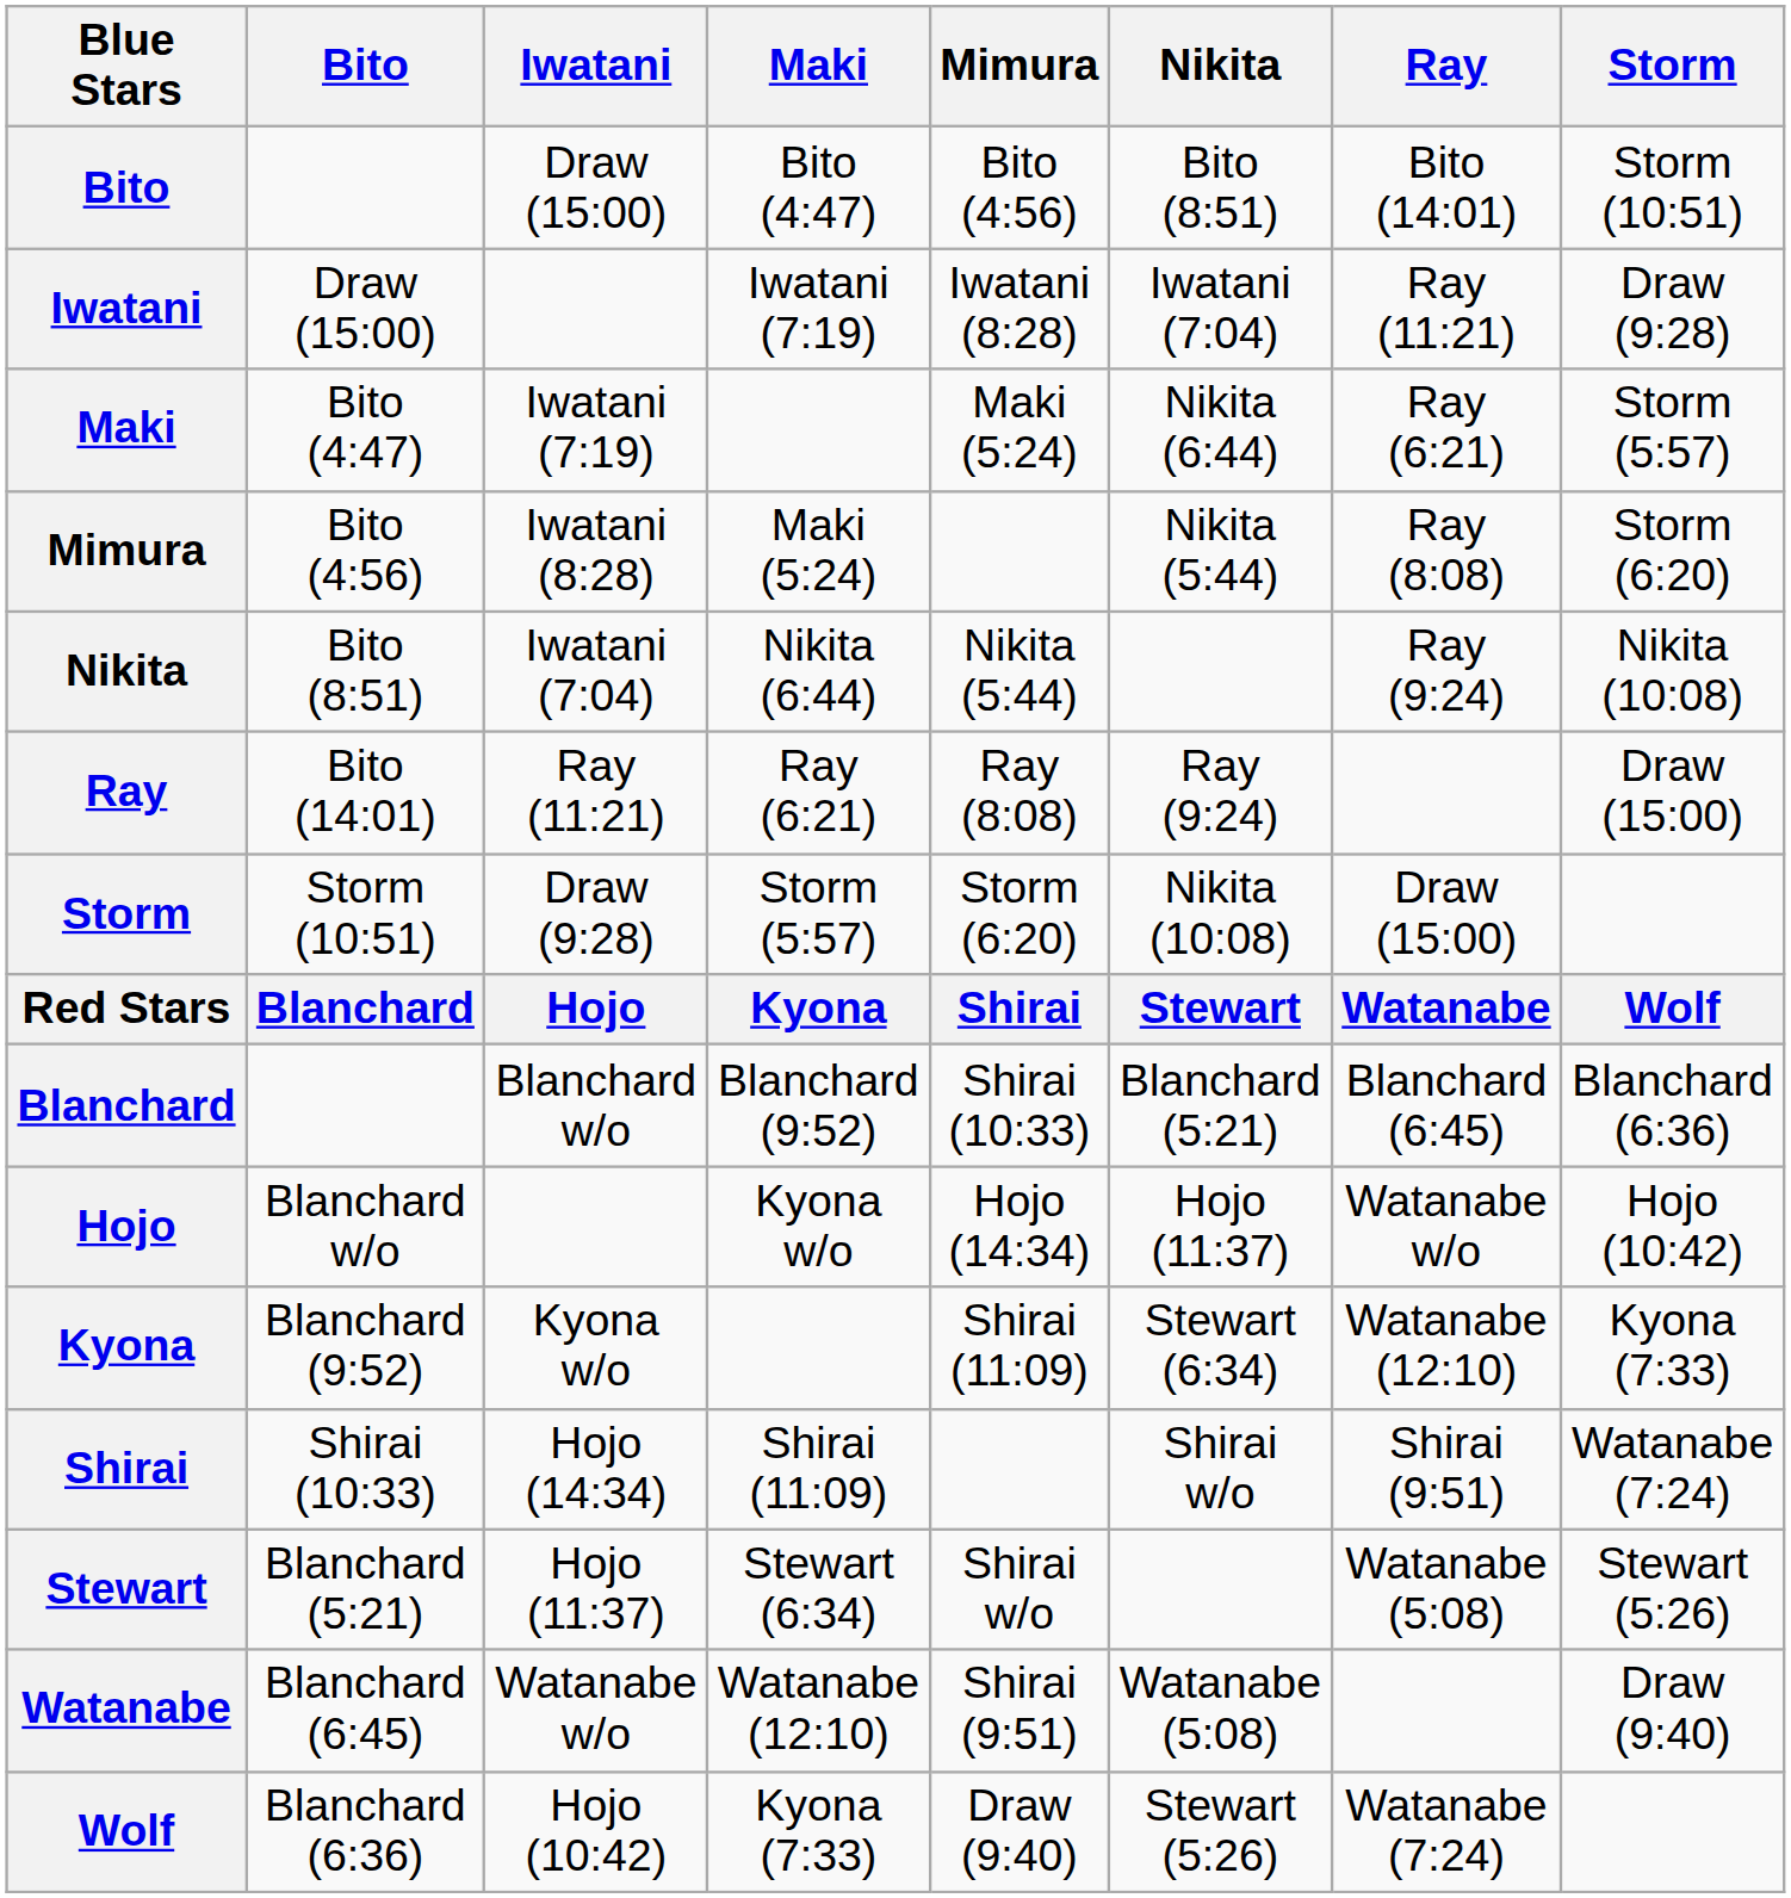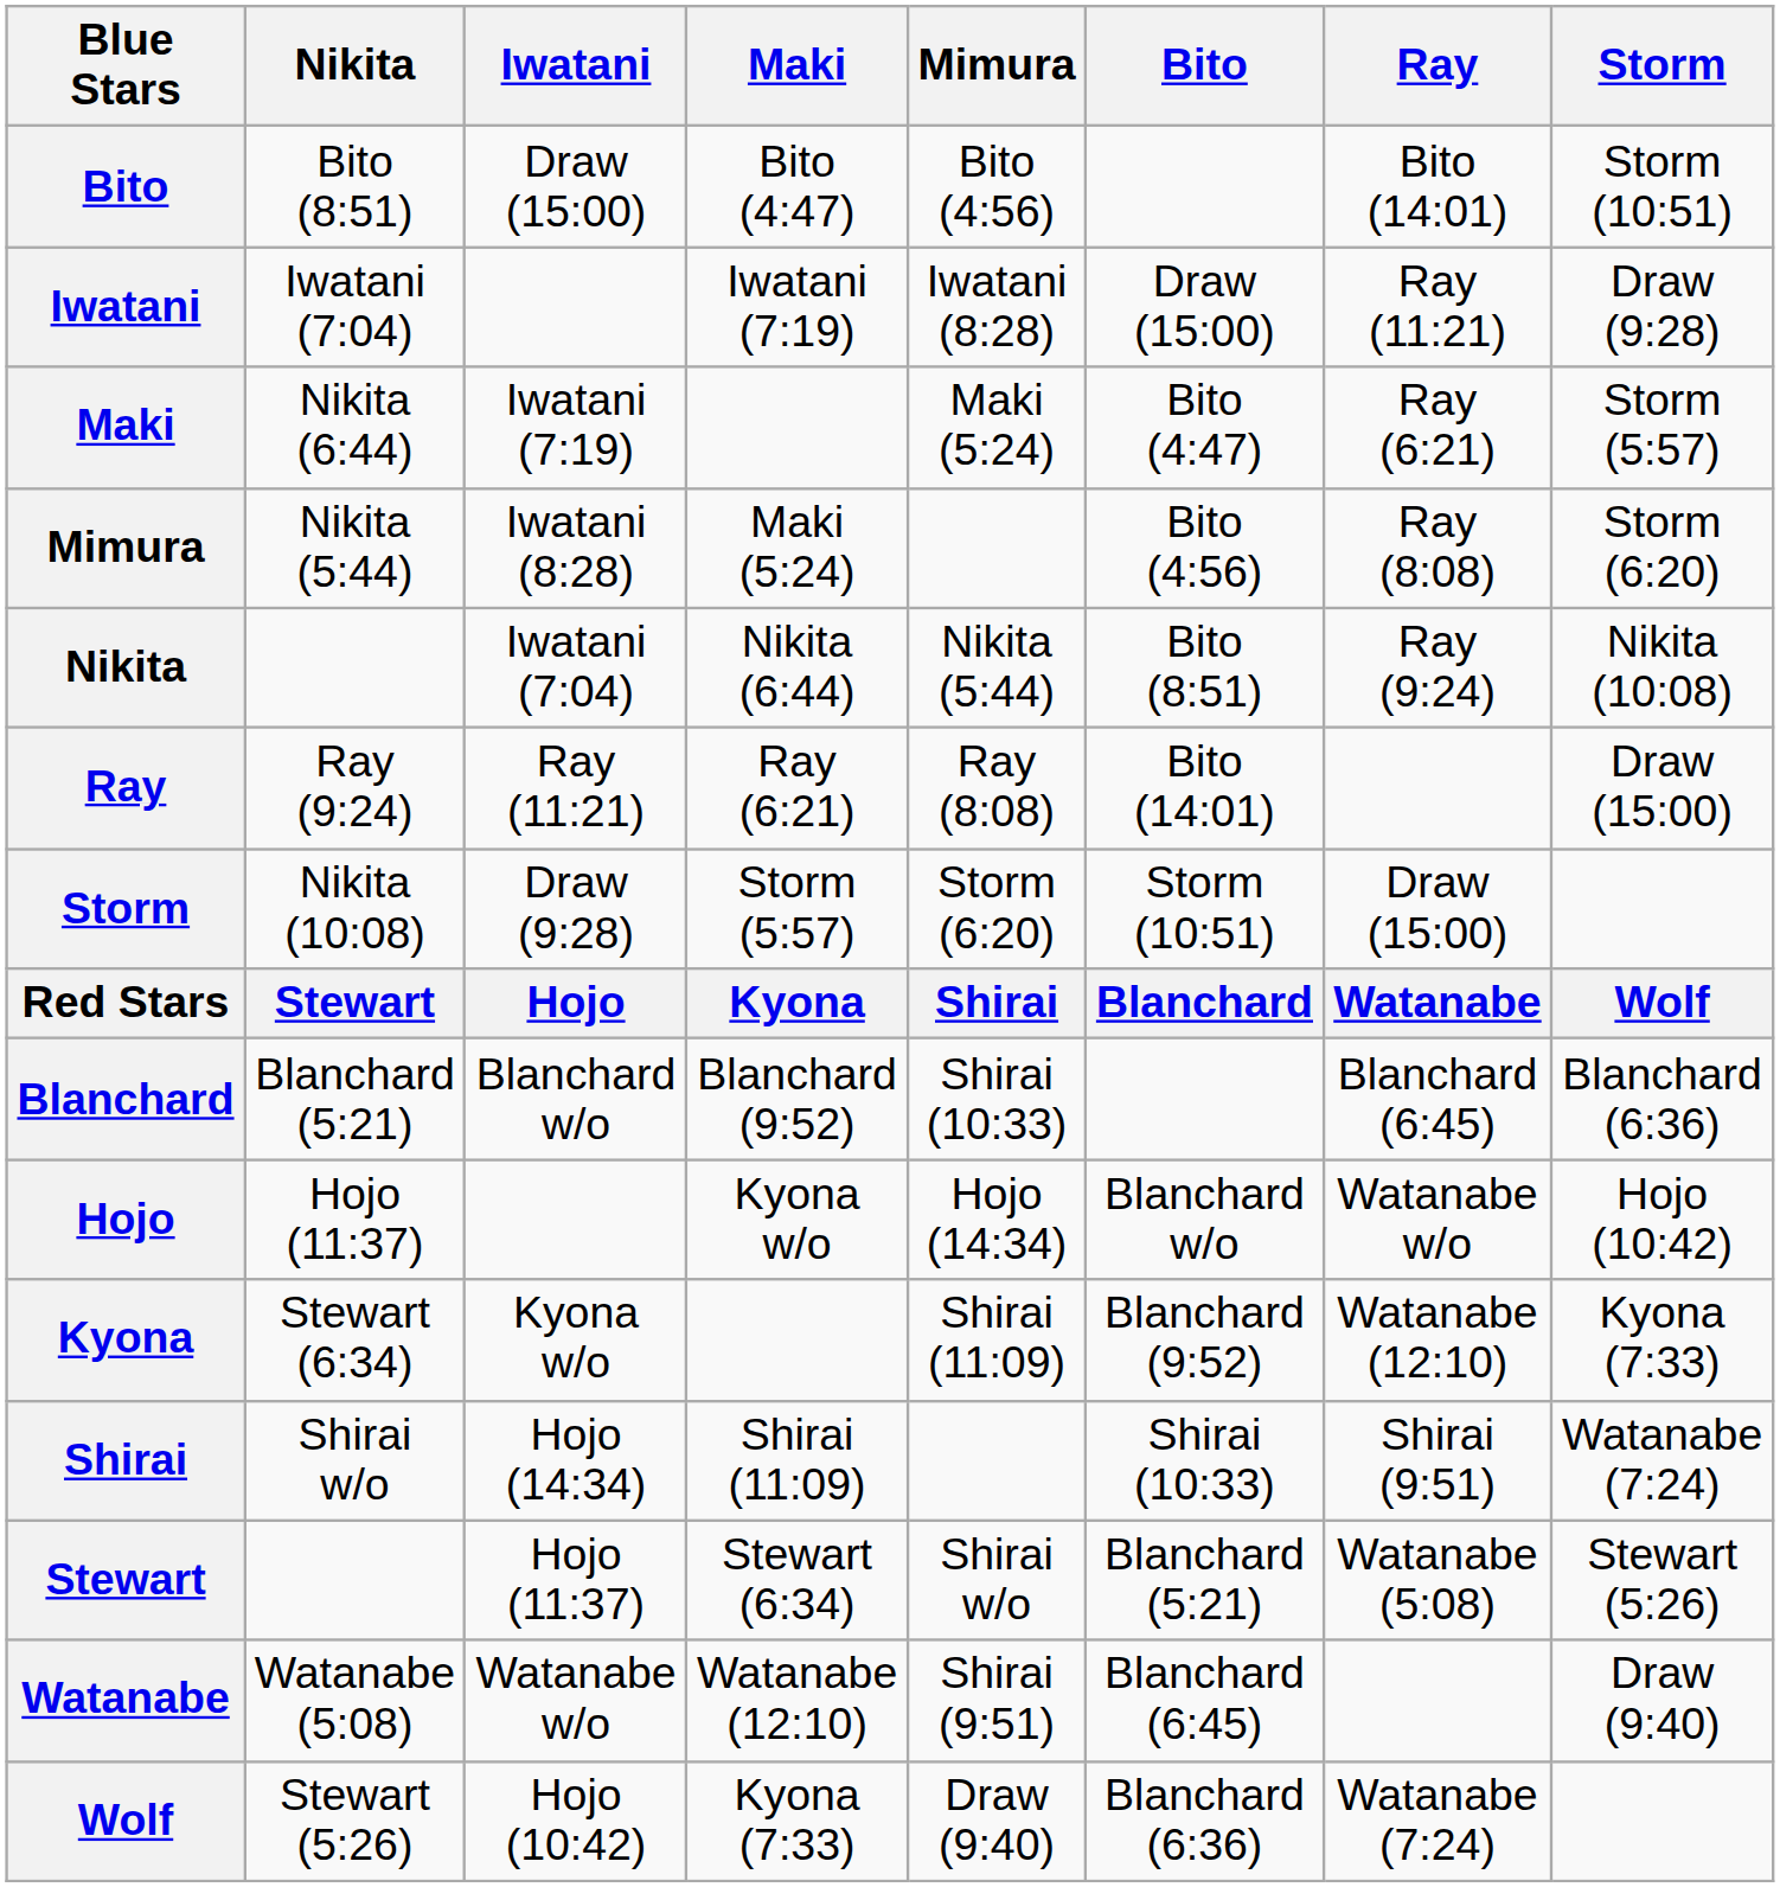 <table class="wikitable" style="text-align:center; margin: 1em auto 1em auto;" width="25%">
 <tr>
 <th>Blue Stars</th>
-<th><a href='#'>Bito</a></th>
+<th>Nikita</th>
 <th><a href='#'>Iwatani</a></th>
 <th><a href='#'>Maki</a></th>
 <th>Mimura</th>
-<th>Nikita</th>
+<th><a href='#'>Bito</a></th>
 <th><a href='#'>Ray</a></th>
 <th><a href='#'>Storm</a></th>
 </tr>
 <tr>
 <th><a href='#'>Bito</a></th>
-<td></td>
+<td>Bito<br>(8:51)</td>
 <td>Draw<br>(15:00)</td>
 <td>Bito<br>(4:47)</td>
 <td>Bito<br>(4:56)</td>
-<td>Bito<br>(8:51)</td>
+<td></td>
 <td>Bito<br>(14:01)</td>
 <td>Storm<br>(10:51)</td>
 </tr>
 <tr>
 <th><a href='#'>Iwatani</a></th>
-<td>Draw<br>(15:00)</td>
+<td>Iwatani<br>(7:04)</td>
 <td></td>
 <td>Iwatani<br>(7:19)</td>
 <td>Iwatani<br>(8:28)</td>
-<td>Iwatani<br>(7:04)</td>
+<td>Draw<br>(15:00)</td>
 <td>Ray<br>(11:21)</td>
 <td>Draw<br>(9:28)</td>
 </tr>
 <tr>
 <th><a href='#'>Maki</a></th>
-<td>Bito<br>(4:47)</td>
+<td>Nikita<br>(6:44)</td>
 <td>Iwatani<br>(7:19)</td>
 <td></td>
 <td>Maki<br>(5:24)</td>
-<td>Nikita<br>(6:44)</td>
+<td>Bito<br>(4:47)</td>
 <td>Ray<br>(6:21)</td>
 <td>Storm<br>(5:57)</td>
 </tr>
 <tr>
 <th>Mimura</th>
-<td>Bito<br>(4:56)</td>
+<td>Nikita<br>(5:44)</td>
 <td>Iwatani<br>(8:28)</td>
 <td>Maki<br>(5:24)</td>
 <td></td>
-<td>Nikita<br>(5:44)</td>
+<td>Bito<br>(4:56)</td>
 <td>Ray<br>(8:08)</td>
 <td>Storm<br>(6:20)</td>
 </tr>
 <tr>
 <th>Nikita</th>
-<td>Bito<br>(8:51)</td>
+<td></td>
 <td>Iwatani<br>(7:04)</td>
 <td>Nikita<br>(6:44)</td>
 <td>Nikita<br>(5:44)</td>
-<td></td>
+<td>Bito<br>(8:51)</td>
 <td>Ray<br>(9:24)</td>
 <td>Nikita<br>(10:08)</td>
 </tr>
 <tr>
 <th><a href='#'>Ray</a></th>
-<td>Bito<br>(14:01)</td>
+<td>Ray<br>(9:24)</td>
 <td>Ray<br>(11:21)</td>
 <td>Ray<br>(6:21)</td>
 <td>Ray<br>(8:08)</td>
-<td>Ray<br>(9:24)</td>
+<td>Bito<br>(14:01)</td>
 <td></td>
 <td>Draw<br>(15:00)</td>
 </tr>
 <tr>
 <th><a href='#'>Storm</a></th>
-<td>Storm<br>(10:51)</td>
+<td>Nikita<br>(10:08)</td>
 <td>Draw<br>(9:28)</td>
 <td>Storm<br>(5:57)</td>
 <td>Storm<br>(6:20)</td>
-<td>Nikita<br>(10:08)</td>
+<td>Storm<br>(10:51)</td>
 <td>Draw<br>(15:00)</td>
 <td></td>
 </tr>
 <tr>
 <th>Red Stars</th>
-<th><a href='#'>Blanchard</a></th>
+<th><a href='#'>Stewart</a></th>
 <th><a href='#'>Hojo</a></th>
 <th><a href='#'>Kyona</a></th>
 <th><a href='#'>Shirai</a></th>
-<th><a href='#'>Stewart</a></th>
+<th><a href='#'>Blanchard</a></th>
 <th><a href='#'>Watanabe</a></th>
 <th><a href='#'>Wolf</a></th>
 </tr>
 <tr>
 <th><a href='#'>Blanchard</a></th>
-<td></td>
+<td>Blanchard<br>(5:21)</td>
 <td>Blanchard<br>w/o</td>
 <td>Blanchard<br>(9:52)</td>
 <td>Shirai<br>(10:33)</td>
-<td>Blanchard<br>(5:21)</td>
+<td></td>
 <td>Blanchard<br>(6:45)</td>
 <td>Blanchard<br>(6:36)</td>
 </tr>
 <tr>
 <th><a href='#'>Hojo</a></th>
-<td>Blanchard<br>w/o</td>
+<td>Hojo<br>(11:37)</td>
 <td></td>
 <td>Kyona<br>w/o</td>
 <td>Hojo<br>(14:34)</td>
-<td>Hojo<br>(11:37)</td>
+<td>Blanchard<br>w/o</td>
 <td>Watanabe<br>w/o</td>
 <td>Hojo<br>(10:42)</td>
 </tr>
 <tr>
 <th><a href='#'>Kyona</a></th>
-<td>Blanchard<br>(9:52)</td>
+<td>Stewart<br>(6:34)</td>
 <td>Kyona<br>w/o</td>
 <td></td>
 <td>Shirai<br>(11:09)</td>
-<td>Stewart<br>(6:34)</td>
+<td>Blanchard<br>(9:52)</td>
 <td>Watanabe<br>(12:10)</td>
 <td>Kyona<br>(7:33)</td>
 </tr>
 <tr>
 <th><a href='#'>Shirai</a></th>
-<td>Shirai<br>(10:33)</td>
+<td>Shirai<br>w/o</td>
 <td>Hojo<br>(14:34)</td>
 <td>Shirai<br>(11:09)</td>
 <td></td>
-<td>Shirai<br>w/o</td>
+<td>Shirai<br>(10:33)</td>
 <td>Shirai<br>(9:51)</td>
 <td>Watanabe<br>(7:24)</td>
 </tr>
 <tr>
 <th><a href='#'>Stewart</a></th>
-<td>Blanchard<br>(5:21)</td>
+<td></td>
 <td>Hojo<br>(11:37)</td>
 <td>Stewart<br>(6:34)</td>
 <td>Shirai<br>w/o</td>
-<td></td>
+<td>Blanchard<br>(5:21)</td>
 <td>Watanabe<br>(5:08)</td>
 <td>Stewart<br>(5:26)</td>
 </tr>
 <tr>
 <th><a href='#'>Watanabe</a></th>
-<td>Blanchard<br>(6:45)</td>
+<td>Watanabe<br>(5:08)</td>
 <td>Watanabe<br>w/o</td>
 <td>Watanabe<br>(12:10)</td>
 <td>Shirai<br>(9:51)</td>
-<td>Watanabe<br>(5:08)</td>
+<td>Blanchard<br>(6:45)</td>
 <td></td>
 <td>Draw<br>(9:40)</td>
 </tr>
 <tr>
 <th><a href='#'>Wolf</a></th>
-<td>Blanchard<br>(6:36)</td>
+<td>Stewart<br>(5:26)</td>
 <td>Hojo<br>(10:42)</td>
 <td>Kyona<br>(7:33)</td>
 <td>Draw<br>(9:40)</td>
-<td>Stewart<br>(5:26)</td>
+<td>Blanchard<br>(6:36)</td>
 <td>Watanabe<br>(7:24)</td>
 <td></td>
 </tr>
 </table>
